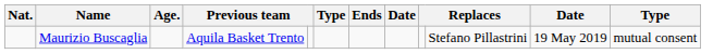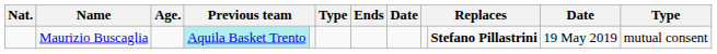 <table class="wikitable sortable">
 <tr>
 <th>Nat.</th>
 <th>Name</th>
 <th>Age.</th>
 <th colspan=2>Previous team</th>
 <th>Type</th>
 <th>Ends</th>
 <th>Date</th>
 <th colspan=2>Replaces</th>
 <th>Date</th>
 <th>Type</th>
 </tr>
 <tr>
 <td></td>
 <td><a href='#'>Maurizio Buscaglia</a></td>
 <td></td>
-<td><a href='#'>Aquila Basket Trento</a></td>
+<td style="background: paleturquoise;"><a href='#'>Aquila Basket Trento</a></td>
 <td></td>
 <td></td>
 <td></td>
 <td></td>
 <td></td>
-<td>Stefano Pillastrini</td>
+<td><strong>Stefano Pillastrini</strong></td>
 <td>19 May 2019</td>
 <td>mutual consent</td>
 </tr>
 </table>
